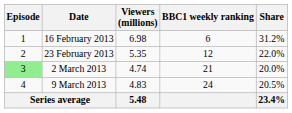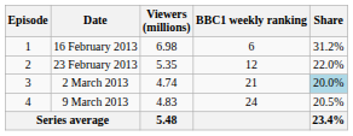 <table class="wikitable" style="text-align:center">
 <tr>
 <th>Episode</th>
 <th>Date</th>
 <th>Viewers<br>(millions)</th>
 <th>BBC1 weekly ranking</th>
 <th>Share</th>
 </tr>
 <tr>
 <td>1</td>
 <td>16 February 2013</td>
 <td>6.98</td>
 <td>6</td>
 <td>31.2%</td>
 </tr>
 <tr>
 <td>2</td>
 <td>23 February 2013</td>
 <td>5.35</td>
 <td>12</td>
 <td>22.0%</td>
 </tr>
 <tr>
-<td style="background: lightgreen;">3</td>
+<td>3</td>
 <td>2 March 2013</td>
 <td>4.74</td>
 <td>21</td>
-<td>20.0%</td>
+<td style="background: lightblue;">20.0%</td>
 </tr>
 <tr>
 <td>4</td>
 <td>9 March 2013</td>
 <td>4.83</td>
 <td>24</td>
 <td>20.5%</td>
 </tr>
 <tr>
 <th colspan="2" scope="row">Series average</th>
 <th>5.48</th>
 <th></th>
 <th>23.4%</th>
 </tr>
 </table>
